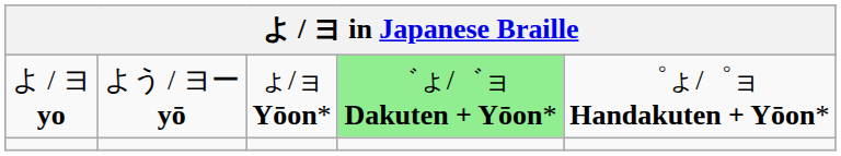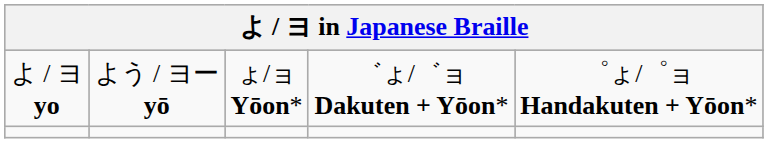 <table class="wikitable nowrap" style="text-align:center">
 <tr>
 <th colspan=5>よ / ヨ in <a href='#'>Japanese Braille</a></th>
 </tr>
 <tr>
 <td>よ / ヨ <br><strong>yo</strong></td>
 <td>よう / ヨー <br><strong>yō</strong></td>
 <td>ょ/ョ<br><strong>Yōon</strong>*</td>
-<td style="background: lightgreen;">゛ょ/゛ョ<br><strong>Dakuten + Yōon</strong>*</td>
+<td>゛ょ/゛ョ<br><strong>Dakuten + Yōon</strong>*</td>
 <td>゜ょ/゜ョ<br><strong>Handakuten + Yōon</strong>*</td>
 </tr>
 <tr>
 <td></td>
 <td></td>
 <td></td>
 <td></td>
 <td></td>
 </tr>
 </table>
